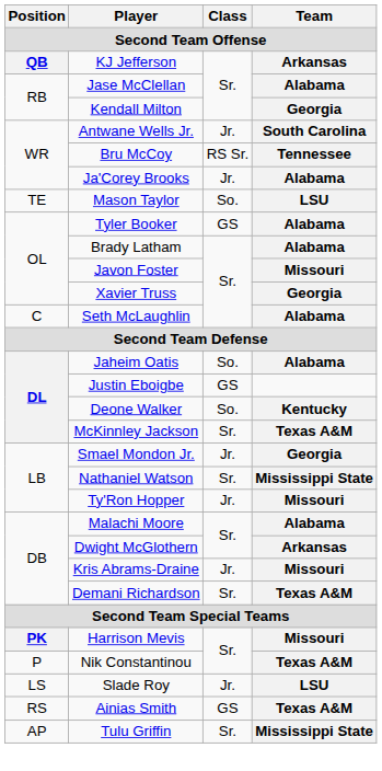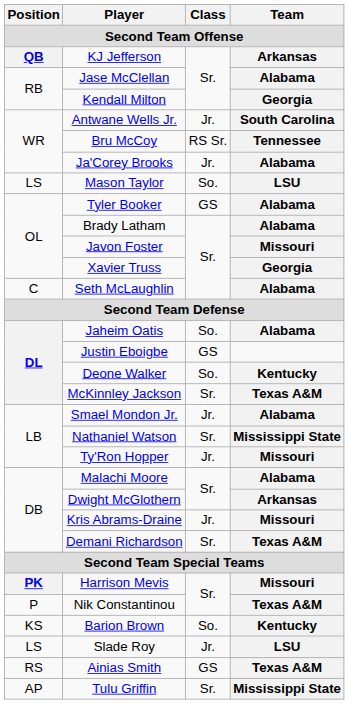 <table class="wikitable">
 <tr>
 <th>Position</th>
 <th>Player</th>
 <th>Class</th>
 <th>Team</th>
 </tr>
 <tr>
 <td colspan="4" style="text-align:center; background:#ddd;"><strong>Second Team Offense</strong></td>
 </tr>
 <tr style="text-align:center;">
 <th rowspan="1"><a href='#'>QB</a></th>
 <td><a href='#'>KJ Jefferson</a></td>
 <td rowspan=3>Sr.</td>
 <th>Arkansas</th>
 </tr>
 <tr style="text-align:center;">
 <td rowspan=2>RB</td>
 <td><a href='#'>Jase McClellan</a></td>
 <th>Alabama</th>
 </tr>
 <tr style="text-align:center;">
 <td><a href='#'>Kendall Milton</a></td>
 <th>Georgia</th>
 </tr>
 <tr style="text-align:center;">
 <td rowspan=3>WR</td>
 <td><a href='#'>Antwane Wells Jr.</a></td>
 <td>Jr.</td>
 <th>South Carolina</th>
 </tr>
 <tr style="text-align:center;">
 <td><a href='#'>Bru McCoy</a></td>
 <td>RS Sr.</td>
 <th>Tennessee</th>
 </tr>
 <tr style="text-align:center;">
 <td><a href='#'>Ja'Corey Brooks</a></td>
 <td>Jr.</td>
 <th>Alabama</th>
 </tr>
 <tr style="text-align:center;">
-<td>TE</td>
+<td>LS</td>
 <td><a href='#'>Mason Taylor</a></td>
 <td>So.</td>
 <th>LSU</th>
 </tr>
 <tr style="text-align:center;">
 <td rowspan=4>OL</td>
 <td><a href='#'>Tyler Booker</a></td>
 <td>GS</td>
 <th>Alabama</th>
 </tr>
 <tr style="text-align:center;">
 <td>Brady Latham</td>
 <td rowspan=4>Sr.</td>
 <th>Alabama</th>
 </tr>
 <tr style="text-align:center;">
 <td><a href='#'>Javon Foster</a></td>
 <th>Missouri</th>
 </tr>
 <tr style="text-align:center;">
 <td><a href='#'>Xavier Truss</a></td>
 <th>Georgia</th>
 </tr>
 <tr style="text-align:center;">
 <td>C</td>
 <td><a href='#'>Seth McLaughlin</a></td>
 <th>Alabama</th>
 </tr>
 <tr style="text-align:center;">
 <td colspan="4" style="text-align:center; background:#ddd;"><strong>Second Team Defense</strong></td>
 </tr>
 <tr style="text-align:center;">
 <th rowspan="4"><a href='#'>DL</a></th>
 <td><a href='#'>Jaheim Oatis</a></td>
 <td>So.</td>
 <th>Alabama</th>
 </tr>
 <tr style="text-align:center;">
 <td><a href='#'>Justin Eboigbe</a></td>
 <td>GS</td>
 </tr>
 <tr style="text-align:center;">
 <td><a href='#'>Deone Walker</a></td>
 <td>So.</td>
 <th>Kentucky</th>
 </tr>
 <tr style="text-align:center;">
 <td><a href='#'>McKinnley Jackson</a></td>
 <td>Sr.</td>
 <th>Texas A&M</th>
 </tr>
 <tr style="text-align:center;">
 <td rowspan=3>LB</td>
 <td><a href='#'>Smael Mondon Jr.</a></td>
 <td>Jr.</td>
-<th>Georgia</th>
+<th>Alabama</th>
 </tr>
 <tr style="text-align:center;">
 <td><a href='#'>Nathaniel Watson</a></td>
 <td>Sr.</td>
 <th>Mississippi State</th>
 </tr>
 <tr style="text-align:center;">
 <td><a href='#'>Ty'Ron Hopper</a></td>
 <td>Jr.</td>
 <th>Missouri</th>
 </tr>
 <tr style="text-align:center;">
 <td rowspan=4>DB</td>
 <td><a href='#'>Malachi Moore</a></td>
 <td rowspan=2>Sr.</td>
 <th>Alabama</th>
 </tr>
 <tr style="text-align:center;">
 <td><a href='#'>Dwight McGlothern</a></td>
 <th>Arkansas</th>
 </tr>
 <tr style="text-align:center;">
 <td><a href='#'>Kris Abrams-Draine</a></td>
 <td>Jr.</td>
 <th>Missouri</th>
 </tr>
 <tr style="text-align:center;">
 <td><a href='#'>Demani Richardson</a></td>
 <td>Sr.</td>
 <th>Texas A&M</th>
 </tr>
 <tr style="text-align:center;">
 <td colspan="4" style="text-align:center; background:#ddd;"><strong>Second Team Special Teams</strong></td>
 </tr>
 <tr style="text-align:center;">
 <th rowspan="1"><a href='#'>PK</a></th>
 <td><a href='#'>Harrison Mevis</a></td>
 <td rowspan=2>Sr.</td>
 <th>Missouri</th>
 </tr>
 <tr style="text-align:center;">
 <td>P</td>
 <td>Nik Constantinou</td>
 <th>Texas A&M</th>
 </tr>
 <tr style="text-align:center;">
+<td>KS</td>
+<td><a href='#'>Barion Brown</a></td>
+<td>So.</td>
+<th>Kentucky</th>
+</tr>
+<tr style="text-align:center;">
 <td>LS</td>
 <td>Slade Roy</td>
 <td>Jr.</td>
 <th>LSU</th>
 </tr>
 <tr style="text-align:center;">
 <td>RS</td>
 <td><a href='#'>Ainias Smith</a></td>
 <td>GS</td>
 <th>Texas A&M</th>
 </tr>
 <tr style="text-align:center;">
 <td>AP</td>
 <td><a href='#'>Tulu Griffin</a></td>
 <td>Sr.</td>
 <th>Mississippi State</th>
 </tr>
 </table>
